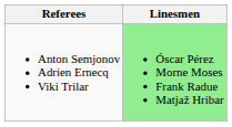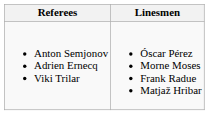 <table class="wikitable">
 <tr>
 <th>Referees</th>
 <th>Linesmen</th>
 </tr>
 <tr style="vertical-align:top">
 <td><br><ul><li> Anton Semjonov</li><li> Adrien Ernecq</li><li> Viki Trilar</li></ul></td>
-<td style="background: lightgreen;"><br><ul><li> Óscar Pérez</li><li> Morne Moses</li><li> Frank Radue</li><li> Matjaž Hribar</li></ul></td>
+<td><br><ul><li> Óscar Pérez</li><li> Morne Moses</li><li> Frank Radue</li><li> Matjaž Hribar</li></ul></td>
 </tr>
 </table>
